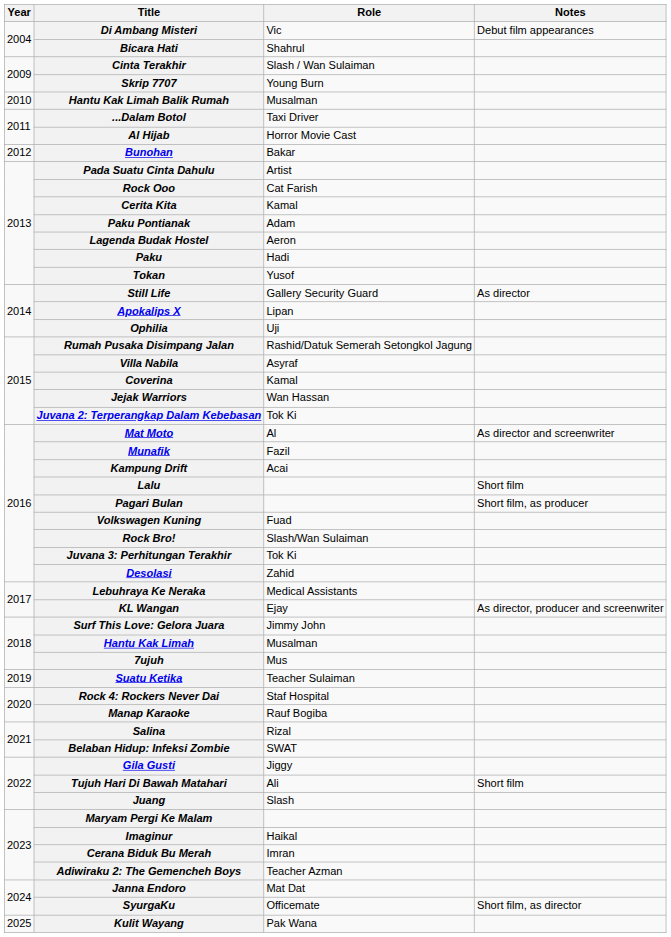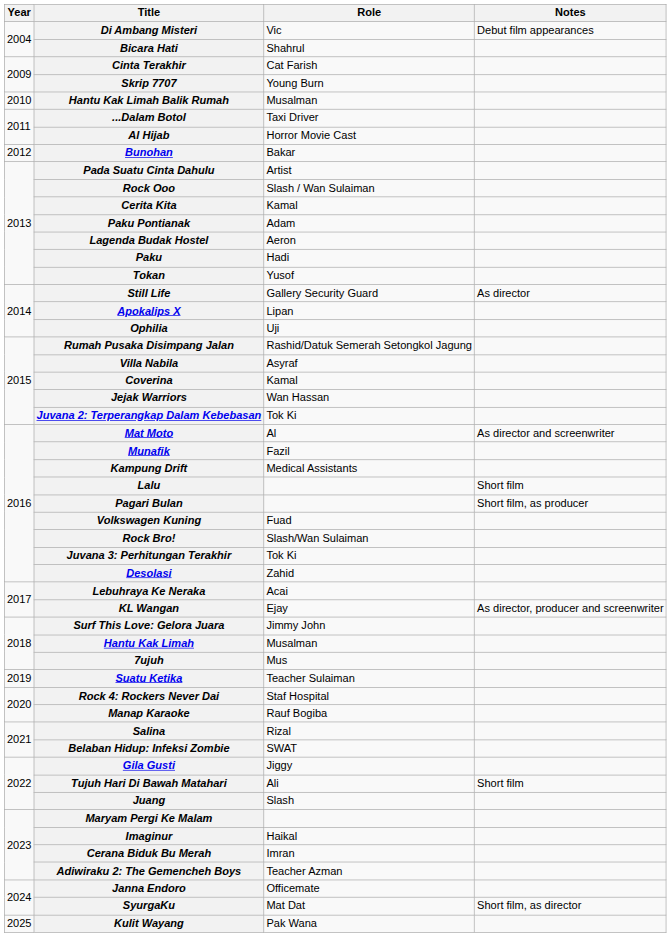 <table class="wikitable">
 <tr>
 <th>Year</th>
 <th>Title</th>
 <th>Role</th>
 <th>Notes</th>
 </tr>
 <tr>
 <td rowspan="2">2004</td>
 <th><em>Di Ambang Misteri</em></th>
 <td>Vic</td>
 <td>Debut film appearances</td>
 </tr>
 <tr>
 <th><em>Bicara Hati</em></th>
 <td>Shahrul</td>
 <td></td>
 </tr>
 <tr>
 <td rowspan="2">2009</td>
 <th><em>Cinta Terakhir</em></th>
-<td>Slash / Wan Sulaiman</td>
+<td>Cat Farish</td>
 <td></td>
 </tr>
 <tr>
 <th><em>Skrip 7707 </em></th>
 <td>Young Burn</td>
 <td></td>
 </tr>
 <tr>
 <td>2010</td>
 <th><em>Hantu Kak Limah Balik Rumah</em></th>
 <td>Musalman</td>
 <td></td>
 </tr>
 <tr>
 <td rowspan="2">2011</td>
 <th><em>...Dalam Botol</em></th>
 <td>Taxi Driver</td>
 <td></td>
 </tr>
 <tr>
 <th><em>Al Hijab</em></th>
 <td>Horror Movie Cast</td>
 <td></td>
 </tr>
 <tr>
 <td>2012</td>
 <th><em><a href='#'>Bunohan</a></em></th>
 <td>Bakar</td>
 <td></td>
 </tr>
 <tr>
 <td rowspan="7">2013</td>
 <th><em>Pada Suatu Cinta Dahulu</em></th>
 <td>Artist</td>
 <td></td>
 </tr>
 <tr>
 <th><em>Rock Ooo</em></th>
-<td>Cat Farish</td>
+<td>Slash / Wan Sulaiman</td>
 <td></td>
 </tr>
 <tr>
 <th><em>Cerita Kita</em></th>
 <td>Kamal</td>
 <td></td>
 </tr>
 <tr>
 <th><em>Paku Pontianak</em></th>
 <td>Adam</td>
 <td></td>
 </tr>
 <tr>
 <th><em>Lagenda Budak Hostel</em></th>
 <td>Aeron</td>
 <td></td>
 </tr>
 <tr>
 <th><em>Paku</em></th>
 <td>Hadi</td>
 <td></td>
 </tr>
 <tr>
 <th><em>Tokan</em></th>
 <td>Yusof</td>
 <td></td>
 </tr>
 <tr>
 <td rowspan="3">2014</td>
 <th><em>Still Life</em></th>
 <td>Gallery Security Guard</td>
 <td>As director</td>
 </tr>
 <tr>
 <th><em><a href='#'>Apokalips X</a></em></th>
 <td>Lipan</td>
 <td></td>
 </tr>
 <tr>
 <th><em>Ophilia</em></th>
 <td>Uji</td>
 <td></td>
 </tr>
 <tr>
 <td rowspan="5">2015</td>
 <th><em>Rumah Pusaka Disimpang Jalan</em></th>
 <td>Rashid/Datuk Semerah Setongkol Jagung</td>
 <td></td>
 </tr>
 <tr>
 <th><em>Villa Nabila</em></th>
 <td>Asyraf</td>
 <td></td>
 </tr>
 <tr>
 <th><em>Coverina</em></th>
 <td>Kamal</td>
 <td></td>
 </tr>
 <tr>
 <th><em>Jejak Warriors</em></th>
 <td>Wan Hassan</td>
 <td></td>
 </tr>
 <tr>
 <th><em><a href='#'>Juvana 2: Terperangkap Dalam Kebebasan</a></em></th>
 <td>Tok Ki</td>
 <td></td>
 </tr>
 <tr>
 <td rowspan="9">2016</td>
 <th><em><a href='#'>Mat Moto</a></em></th>
 <td>Al</td>
 <td>As director and screenwriter</td>
 </tr>
 <tr>
 <th><em><a href='#'>Munafik</a></em></th>
 <td>Fazil</td>
 <td></td>
 </tr>
 <tr>
 <th><em>Kampung Drift</em></th>
-<td>Acai</td>
+<td>Medical Assistants</td>
 <td></td>
 </tr>
 <tr>
 <th><em>Lalu</em></th>
 <td></td>
 <td>Short film</td>
 </tr>
 <tr>
 <th><em>Pagari Bulan</em></th>
 <td></td>
 <td>Short film, as producer</td>
 </tr>
 <tr>
 <th><em>Volkswagen Kuning</em></th>
 <td>Fuad</td>
 <td></td>
 </tr>
 <tr>
 <th><em>Rock Bro!</em></th>
 <td>Slash/Wan Sulaiman</td>
 <td></td>
 </tr>
 <tr>
 <th><em>Juvana 3: Perhitungan Terakhir</em></th>
 <td>Tok Ki</td>
 <td></td>
 </tr>
 <tr>
 <th><em><a href='#'>Desolasi</a></em></th>
 <td>Zahid</td>
 <td></td>
 </tr>
 <tr>
 <td rowspan="2">2017</td>
 <th><em>Lebuhraya Ke Neraka</em></th>
-<td>Medical Assistants</td>
+<td>Acai</td>
 <td></td>
 </tr>
 <tr>
 <th><em>KL Wangan</em></th>
 <td>Ejay</td>
 <td>As director, producer and screenwriter</td>
 </tr>
 <tr>
 <td rowspan="3">2018</td>
 <th><em>Surf This Love: Gelora Juara</em></th>
 <td>Jimmy John</td>
 <td></td>
 </tr>
 <tr>
 <th><em><a href='#'>Hantu Kak Limah</a></em></th>
 <td>Musalman</td>
 <td></td>
 </tr>
 <tr>
 <th><em>7ujuh</em></th>
 <td>Mus</td>
 <td></td>
 </tr>
 <tr>
 <td>2019</td>
 <th><em><a href='#'>Suatu Ketika</a></em></th>
 <td>Teacher Sulaiman</td>
 <td></td>
 </tr>
 <tr>
 <td rowspan="2">2020</td>
 <th><em>Rock 4: Rockers Never Dai</em></th>
 <td>Staf Hospital</td>
 <td></td>
 </tr>
 <tr>
 <th><em>Manap Karaoke</em></th>
 <td>Rauf Bogiba</td>
 <td></td>
 </tr>
 <tr>
 <td rowspan="2">2021</td>
 <th><em>Salina</em></th>
 <td>Rizal</td>
 <td></td>
 </tr>
 <tr>
 <th><em>Belaban Hidup: Infeksi Zombie</em></th>
 <td>SWAT</td>
 <td></td>
 </tr>
 <tr>
 <td rowspan="3">2022</td>
 <th><em><a href='#'>Gila Gusti</a></em></th>
 <td>Jiggy</td>
 <td></td>
 </tr>
 <tr>
 <th><em>Tujuh Hari Di Bawah Matahari</em></th>
 <td>Ali</td>
 <td>Short film</td>
 </tr>
 <tr>
 <th><em>Juang</em></th>
 <td>Slash</td>
 <td></td>
 </tr>
 <tr>
 <td rowspan="4">2023</td>
 <th><em>Maryam Pergi Ke Malam</em></th>
 <td></td>
 <td></td>
 </tr>
 <tr>
 <th><em>Imaginur</em></th>
 <td>Haikal</td>
 <td></td>
 </tr>
 <tr>
 <th><em>Cerana Biduk Bu Merah</em></th>
 <td>Imran</td>
 <td></td>
 </tr>
 <tr>
 <th><em>Adiwiraku 2: The Gemencheh Boys</em></th>
 <td>Teacher Azman</td>
 <td></td>
 </tr>
 <tr>
 <td rowspan="2">2024</td>
 <th><em>Janna Endoro</em></th>
-<td>Mat Dat</td>
+<td>Officemate</td>
 <td></td>
 </tr>
 <tr>
 <th><em>SyurgaKu</em></th>
-<td>Officemate</td>
+<td>Mat Dat</td>
 <td>Short film, as director</td>
 </tr>
 <tr>
 <td>2025</td>
 <th><em>Kulit Wayang</em></th>
 <td>Pak Wana</td>
 <td></td>
 </tr>
 </table>
